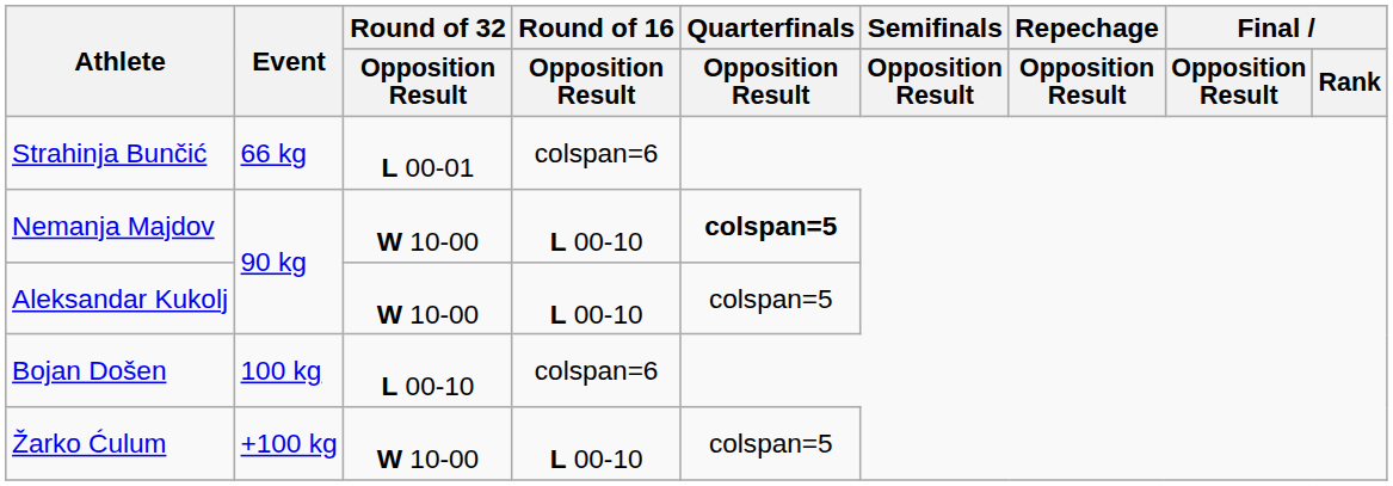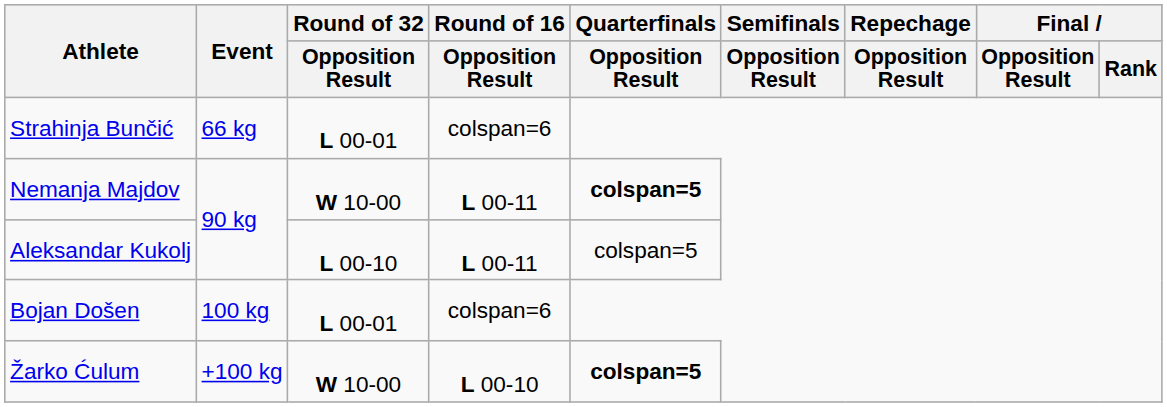 <table class="wikitable" style="font-size:90%">
 <tr>
 <th rowspan="2">Athlete</th>
 <th rowspan="2">Event</th>
 <th>Round of 32</th>
 <th>Round of 16</th>
 <th>Quarterfinals</th>
 <th>Semifinals</th>
 <th>Repechage</th>
 <th colspan=2>Final / </th>
 </tr>
 <tr style="font-size:95%">
 <th>Opposition<br>Result</th>
 <th>Opposition<br>Result</th>
 <th>Opposition<br>Result</th>
 <th>Opposition<br>Result</th>
 <th>Opposition<br>Result</th>
 <th>Opposition<br>Result</th>
 <th>Rank</th>
 </tr>
 <tr align=center>
 <td align=left><a href='#'>Strahinja Bunčić</a></td>
 <td align=left><a href='#'>66 kg</a></td>
 <td><br> <strong>L</strong> 00-01</td>
 <td>colspan=6 </td>
 </tr>
 <tr align=center>
 <td align=left><a href='#'>Nemanja Majdov</a></td>
 <td align=left rowspan=2><a href='#'>90 kg</a></td>
 <td><br><strong>W</strong> 10-00</td>
-<td><br><strong>L</strong> 00-10</td>
+<td><br><strong>L</strong> 00-11</td>
 <td><strong>colspan=5 </strong></td>
 </tr>
 <tr align=center>
 <td align=left><a href='#'>Aleksandar Kukolj</a></td>
-<td><br><strong>W</strong> 10-00</td>
 <td><br><strong>L</strong> 00-10</td>
+<td><br><strong>L</strong> 00-11</td>
 <td>colspan=5 </td>
 </tr>
 <tr align=center>
 <td align=left><a href='#'>Bojan Došen</a></td>
 <td align=left><a href='#'>100 kg</a></td>
-<td><br><strong>L</strong> 00-10</td>
+<td><br> <strong>L</strong> 00-01</td>
 <td>colspan=6 </td>
 </tr>
 <tr align=center>
 <td align=left><a href='#'>Žarko Ćulum</a></td>
 <td align=left><a href='#'>+100 kg</a></td>
 <td><br><strong>W</strong> 10-00</td>
 <td><br><strong>L</strong> 00-10</td>
-<td>colspan=5 </td>
+<td><strong>colspan=5 </strong></td>
 </tr>
 </table>
